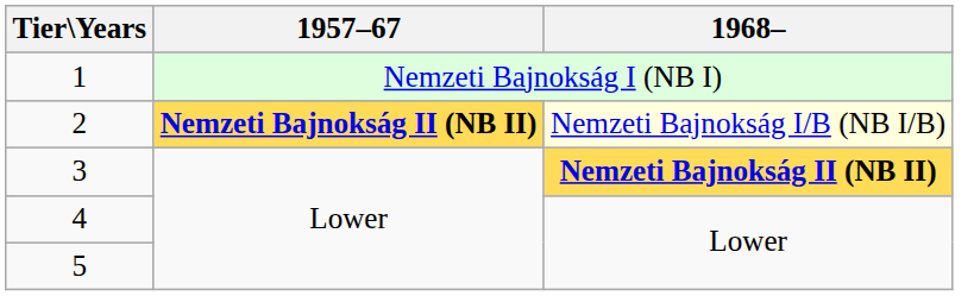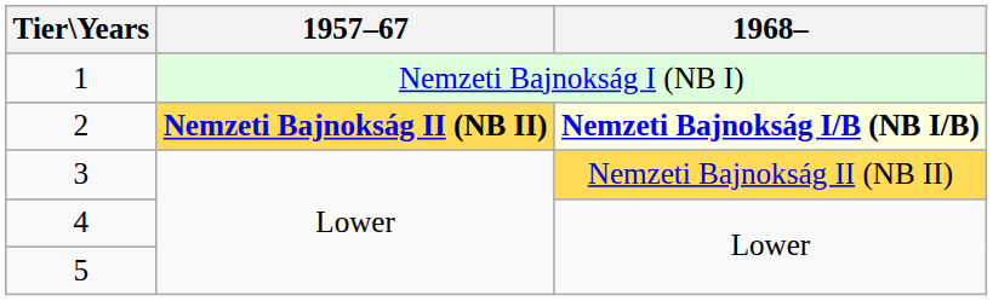 <table class="wikitable" style="text-align: center;">
 <tr>
 <th>Tier\Years</th>
 <th>1957–67</th>
 <th>1968–</th>
 </tr>
 <tr>
 <td>1</td>
 <td colspan=2 bgcolor=DDFFDD><a href='#'>Nemzeti Bajnokság I</a> (NB I)</td>
 </tr>
 <tr>
 <td>2</td>
 <td bgcolor=FFDB58><strong><a href='#'>Nemzeti Bajnokság II</a> (NB II)</strong></td>
-<td bgcolor=FFFFDD><a href='#'>Nemzeti Bajnokság I/B</a> (NB I/B)</td>
+<td bgcolor=FFFFDD><strong><a href='#'>Nemzeti Bajnokság I/B</a> (NB I/B)</strong></td>
 </tr>
 <tr>
 <td>3</td>
 <td rowspan=3>Lower</td>
-<td bgcolor=FFDB58><strong><a href='#'>Nemzeti Bajnokság II</a> (NB II)</strong></td>
+<td bgcolor=FFDB58><a href='#'>Nemzeti Bajnokság II</a> (NB II)</td>
 </tr>
 <tr>
 <td>4</td>
 <td rowspan=2>Lower</td>
 </tr>
 <tr>
 <td>5</td>
 </tr>
 </table>
